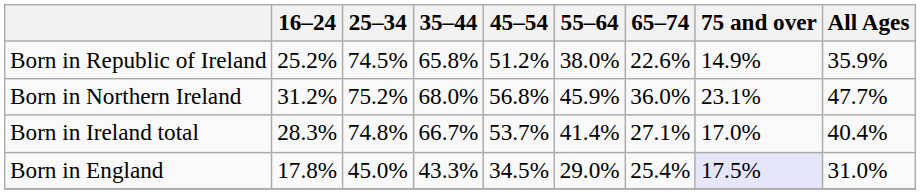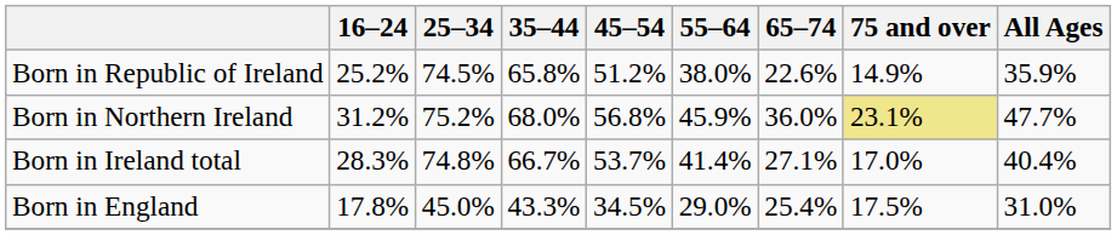 <table class="wikitable">
 <tr>
 <th></th>
 <th>16–24</th>
 <th>25–34</th>
 <th>35–44</th>
 <th>45–54</th>
 <th>55–64</th>
 <th>65–74</th>
 <th>75 and over</th>
 <th>All Ages</th>
 </tr>
 <tr>
 <td>Born in Republic of Ireland</td>
 <td>25.2%</td>
 <td>74.5%</td>
 <td>65.8%</td>
 <td>51.2%</td>
 <td>38.0%</td>
 <td>22.6%</td>
 <td>14.9%</td>
 <td>35.9%</td>
 </tr>
 <tr>
 <td>Born in Northern Ireland</td>
 <td>31.2%</td>
 <td>75.2%</td>
 <td>68.0%</td>
 <td>56.8%</td>
 <td>45.9%</td>
 <td>36.0%</td>
-<td>23.1%</td>
+<td style="background: khaki;">23.1%</td>
 <td>47.7%</td>
 </tr>
 <tr>
 <td>Born in Ireland total</td>
 <td>28.3%</td>
 <td>74.8%</td>
 <td>66.7%</td>
 <td>53.7%</td>
 <td>41.4%</td>
 <td>27.1%</td>
 <td>17.0%</td>
 <td>40.4%</td>
 </tr>
 <tr>
 <td>Born in England</td>
 <td>17.8%</td>
 <td>45.0%</td>
 <td>43.3%</td>
 <td>34.5%</td>
 <td>29.0%</td>
 <td>25.4%</td>
-<td style="background: lavender;">17.5%</td>
+<td>17.5%</td>
 <td>31.0%</td>
 </tr>
 <tr>
 </tr>
 </table>
